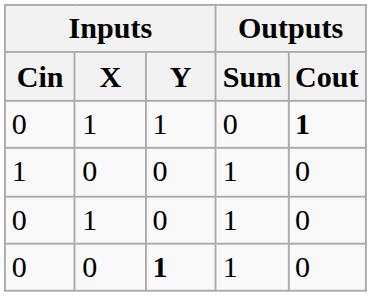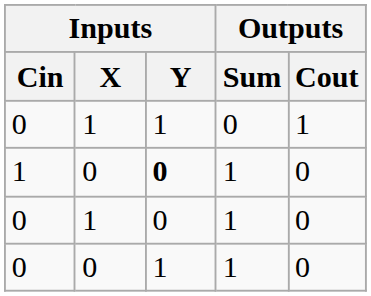 <table class="wikitable">
 <tr>
 <th colspan=3>Inputs</th>
 <th colspan=2>Outputs</th>
 </tr>
 <tr>
 <th width=30>Cin</th>
 <th width=30>X</th>
 <th width=30>Y</th>
 <th width=30>Sum</th>
 <th width=30>Cout</th>
 </tr>
 <tr>
 <td>0</td>
 <td>1</td>
 <td>1</td>
 <td>0</td>
-<td><strong>1</strong></td>
+<td>1</td>
 </tr>
 <tr>
 <td>1</td>
 <td>0</td>
-<td>0</td>
+<td><strong>0</strong></td>
 <td>1</td>
 <td>0</td>
 </tr>
 <tr>
 <td>0</td>
 <td>1</td>
 <td>0</td>
 <td>1</td>
 <td>0</td>
 </tr>
 <tr>
 <td>0</td>
 <td>0</td>
-<td><strong>1</strong></td>
+<td>1</td>
 <td>1</td>
 <td>0</td>
 </tr>
 </table>
